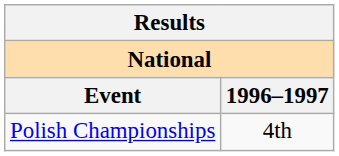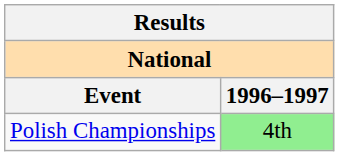 <table class="wikitable" style="text-align:center">
 <tr>
 <th colspan=2 align=center><strong>Results</strong></th>
 </tr>
 <tr>
 <th style="background-color: #ffdead; " colspan=2 align=center><strong>National</strong></th>
 </tr>
 <tr>
 <th>Event</th>
 <th>1996–1997</th>
 </tr>
 <tr>
 <td align=left><a href='#'>Polish Championships</a></td>
-<td>4th</td>
+<td style="background: lightgreen;">4th</td>
 </tr>
 </table>
